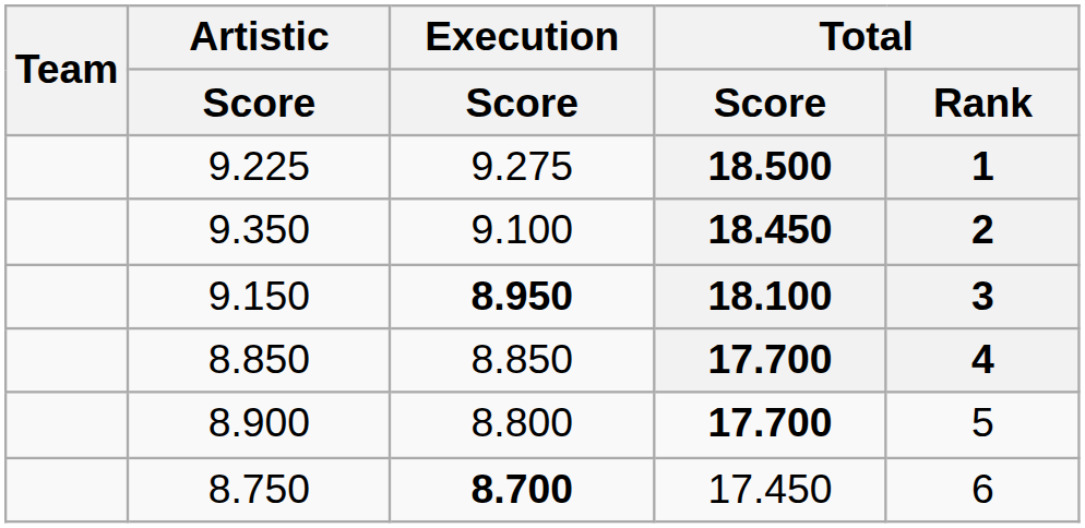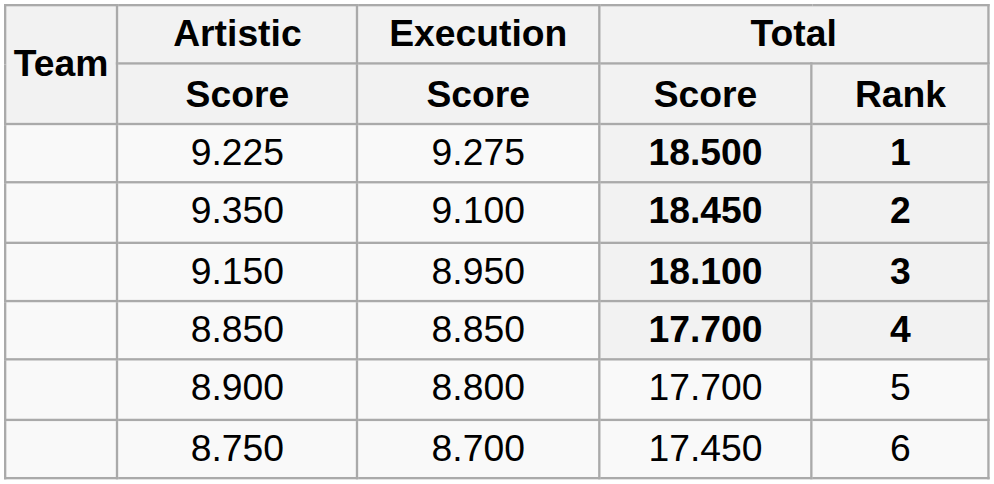 <table class="wikitable" style="text-align:center">
 <tr>
 <th rowspan=2>Team</th>
 <th style="width:6em">Artistic</th>
 <th style="width:6em">Execution</th>
 <th style="width:10em" colspan=2>Total</th>
 </tr>
 <tr>
 <th>Score</th>
 <th>Score</th>
 <th>Score</th>
 <th>Rank</th>
 </tr>
 <tr>
 <td align="left"></td>
 <td>9.225</td>
 <td>9.275</td>
 <th>18.500</th>
 <th>1</th>
 </tr>
 <tr>
 <td align="left"></td>
 <td>9.350</td>
 <td>9.100</td>
 <th>18.450</th>
 <th>2</th>
 </tr>
 <tr>
 <td align="left"></td>
 <td>9.150</td>
-<td><strong>8.950</strong></td>
+<td>8.950</td>
 <th>18.100</th>
 <th>3</th>
 </tr>
 <tr>
 <td align="left"></td>
 <td>8.850</td>
 <td>8.850</td>
 <th>17.700</th>
 <th>4</th>
 </tr>
 <tr>
 <td align="left"></td>
 <td>8.900</td>
 <td>8.800</td>
-<td><strong>17.700</strong></td>
+<td>17.700</td>
 <td>5</td>
 </tr>
 <tr>
 <td align="left"></td>
 <td>8.750</td>
-<td><strong>8.700</strong></td>
+<td>8.700</td>
 <td>17.450</td>
 <td>6</td>
 </tr>
 </table>
